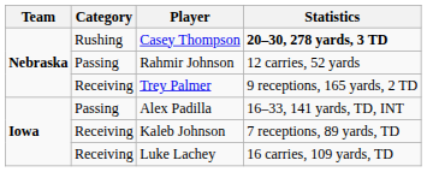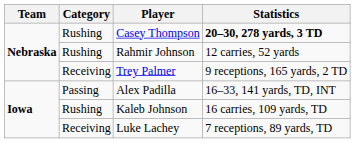 <table class="wikitable" style="float: left;">
 <tr>
 <th>Team</th>
 <th>Category</th>
 <th>Player</th>
 <th>Statistics</th>
 </tr>
 <tr>
 <td rowspan=3><strong>Nebraska</strong></td>
 <td>Rushing</td>
 <td><a href='#'>Casey Thompson</a></td>
 <td><strong>20–30, 278 yards, 3 TD</strong></td>
 </tr>
 <tr>
-<td>Passing</td>
+<td>Rushing</td>
 <td>Rahmir Johnson</td>
 <td>12 carries, 52 yards</td>
 </tr>
 <tr>
 <td>Receiving</td>
 <td><a href='#'>Trey Palmer</a></td>
 <td>9 receptions, 165 yards, 2 TD</td>
 </tr>
 <tr>
 <td rowspan=3><strong>Iowa</strong></td>
 <td>Passing</td>
 <td>Alex Padilla</td>
 <td>16–33, 141 yards, TD, INT</td>
 </tr>
 <tr>
-<td>Receiving</td>
+<td>Rushing</td>
 <td>Kaleb Johnson</td>
-<td>7 receptions, 89 yards, TD</td>
+<td>16 carries, 109 yards, TD</td>
 </tr>
 <tr>
 <td>Receiving</td>
 <td>Luke Lachey</td>
-<td>16 carries, 109 yards, TD</td>
+<td>7 receptions, 89 yards, TD</td>
 </tr>
 </table>
